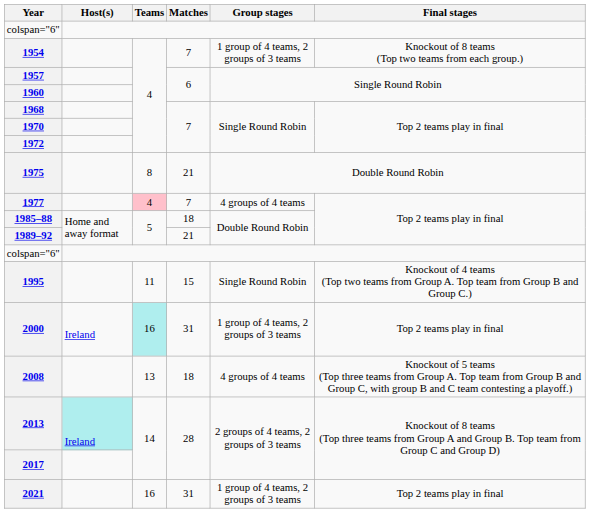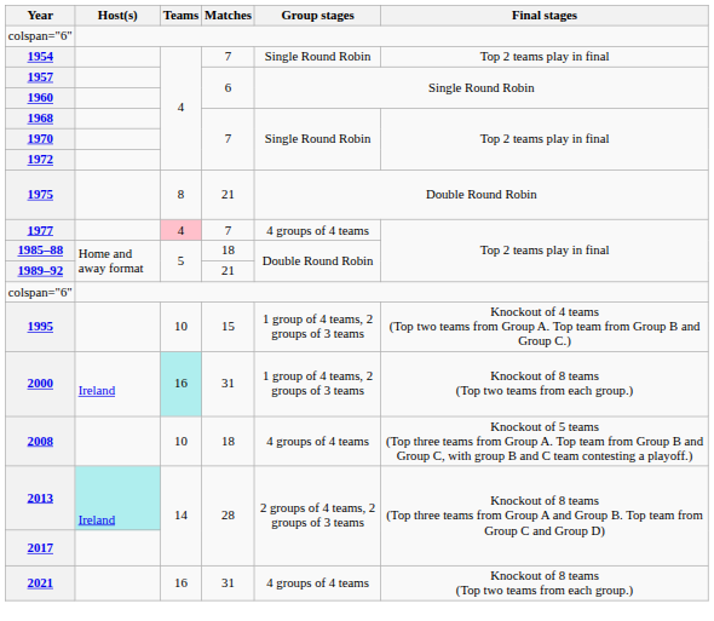 <table class="wikitable sortable">
 <tr>
 <th>Year</th>
 <th>Host(s)</th>
 <th>Teams</th>
 <th>Matches</th>
 <th>Group stages</th>
 <th>Final stages</th>
 </tr>
 <tr>
 <td>colspan="6" </td>
 </tr>
 <tr>
 <th><a href='#'>1954</a></th>
 <td></td>
 <td rowspan="6" align=center>4</td>
 <td align=center>7</td>
-<td align=center>1 group of 4 teams, 2 groups of 3 teams</td>
-<td align=center>Knockout of 8 teams<br>(Top two teams from each group.)</td>
+<td align=center>Single Round Robin</td>
+<td align=center>Top 2 teams play in final</td>
 </tr>
 <tr>
 <th><a href='#'>1957</a></th>
 <td></td>
 <td rowspan="2" align=center>6</td>
 <td colspan="2" rowspan="2" align=center>Single Round Robin</td>
 </tr>
 <tr>
 <th><a href='#'>1960</a></th>
 <td></td>
 </tr>
 <tr>
 <th><a href='#'>1968</a></th>
 <td><br></td>
 <td rowspan="3" align=center>7</td>
 <td rowspan="3" align=center>Single Round Robin</td>
 <td rowspan="3" align=center>Top 2 teams play in final</td>
 </tr>
 <tr>
 <th><a href='#'>1970</a></th>
 <td></td>
 </tr>
 <tr>
 <th><a href='#'>1972</a></th>
 <td></td>
 </tr>
 <tr>
 <th><a href='#'>1975</a></th>
 <td><br><br><br></td>
 <td align=center>8</td>
 <td align=center>21</td>
 <td colspan="2" align=center>Double Round Robin</td>
 </tr>
 <tr>
 <th><a href='#'>1977</a></th>
 <td><br></td>
 <td align=center style="background: pink;">4</td>
 <td align=center>7</td>
 <td align=center>4 groups of 4 teams</td>
 <td rowspan="3" align=center>Top 2 teams play in final</td>
 </tr>
 <tr>
 <th><a href='#'>1985–88</a></th>
 <td rowspan="2">Home and away format</td>
 <td rowspan="2" align=center>5</td>
 <td align=center>18</td>
 <td rowspan="2" align=center>Double Round Robin</td>
 </tr>
 <tr>
 <th><a href='#'>1989–92</a></th>
 <td align=center>21</td>
 </tr>
 <tr>
 <td>colspan="6" </td>
 </tr>
 <tr>
 <th><a href='#'>1995</a></th>
 <td></td>
-<td align=center>11</td>
+<td align=center>10</td>
 <td align=center>15</td>
-<td align=center>Single Round Robin</td>
+<td align=center>1 group of 4 teams, 2 groups of 3 teams</td>
 <td align=center>Knockout of 4 teams<br>(Top two teams from Group A. Top team from Group B and Group C.)</td>
 </tr>
 <tr>
 <th><a href='#'>2000</a></th>
 <td><br><br> <a href='#'>Ireland</a><br><br></td>
 <td align=center style="background: paleturquoise;">16</td>
 <td align=center>31</td>
 <td align=center>1 group of 4 teams, 2 groups of 3 teams</td>
-<td align=center>Top 2 teams play in final</td>
+<td align=center>Knockout of 8 teams<br>(Top two teams from each group.)</td>
 </tr>
 <tr>
 <th><a href='#'>2008</a></th>
 <td></td>
-<td align=center>13</td>
+<td align=center>10</td>
 <td align=center>18</td>
 <td align=center>4 groups of 4 teams</td>
 <td align=center>Knockout of 5 teams<br>(Top three teams from Group A. Top team from Group B and Group C, with group B and C team contesting a playoff.)</td>
 </tr>
 <tr>
 <th><a href='#'>2013</a></th>
 <td style="background: paleturquoise;"><br><br><br> <a href='#'>Ireland</a></td>
 <td rowspan="2" align=center>14</td>
 <td rowspan="2" align=center>28</td>
 <td rowspan="2" align=center>2 groups of 4 teams, 2 groups of 3 teams</td>
 <td rowspan="2" align=center>Knockout of 8 teams<br>(Top three teams from Group A and Group B. Top team from Group C and Group D)</td>
 </tr>
 <tr>
 <th><a href='#'>2017</a></th>
 <td><br><br></td>
 </tr>
 <tr>
 <th><a href='#'>2021</a></th>
 <td></td>
 <td align=center>16</td>
 <td align=center>31</td>
-<td align=center>1 group of 4 teams, 2 groups of 3 teams</td>
-<td align=center>Top 2 teams play in final</td>
+<td align=center>4 groups of 4 teams</td>
+<td align=center>Knockout of 8 teams<br>(Top two teams from each group.)</td>
 </tr>
 </table>
